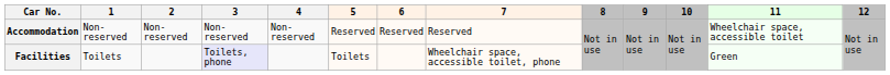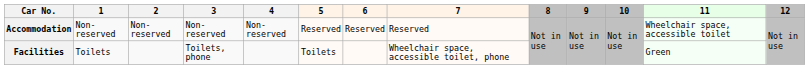 <table class="wikitable">
 <tr>
 <th>Car No.</th>
 <th>1</th>
 <th>2</th>
 <th>3</th>
 <th>4</th>
 <th style="background: #FFF2E6">5</th>
 <th style="background: #FFF2E6">6</th>
 <th style="background: #FFF2E6">7</th>
 <th style="background: #C0C0C0">8</th>
 <th style="background: #C0C0C0">9</th>
 <th style="background: #C0C0C0">10</th>
 <th style="background:#E6FFE6">11</th>
 <th style="background: #C0C0C0">12</th>
 </tr>
 <tr>
 <th>Accommodation</th>
 <td>Non-reserved</td>
 <td>Non-reserved</td>
 <td>Non-reserved</td>
 <td>Non-reserved</td>
 <td style="background: #FFFAF5">Reserved</td>
 <td style="background: #FFFAF5">Reserved</td>
 <td style="background: #FFFAF5">Reserved</td>
 <td rowspan=2 style="background: #C0C0C0">Not in use</td>
 <td rowspan=2 style="background: #C0C0C0">Not in use</td>
 <td rowspan=2 style="background: #C0C0C0">Not in use</td>
 <td style="background: #F5FFF5">Wheelchair space, accessible toilet</td>
 <td rowspan=2 style="background: #C0C0C0">Not in use</td>
 </tr>
 <tr>
 <th>Facilities</th>
 <td>Toilets</td>
 <td> </td>
-<td style="background: lavender;">Toilets, phone</td>
+<td>Toilets, phone</td>
 <td> </td>
 <td style="background: #FFFAF5">Toilets</td>
 <td style="background: #FFFAF5"> </td>
 <td style="background: #FFFAF5">Wheelchair space, accessible toilet, phone</td>
 <td style="background: #F5FFF5">Green</td>
 </tr>
 </table>
